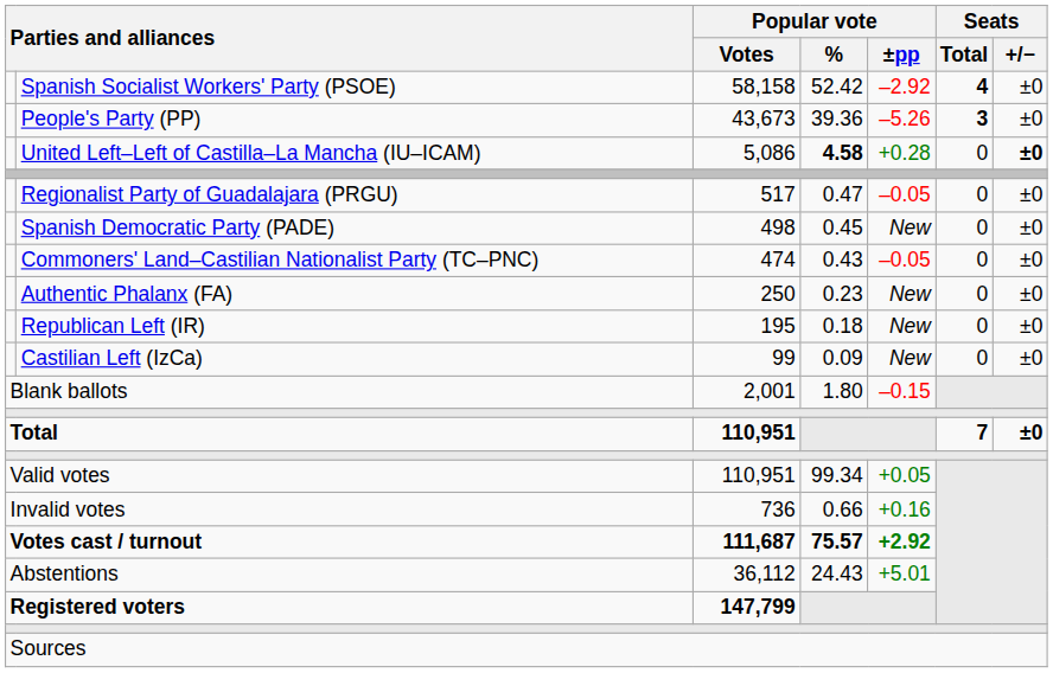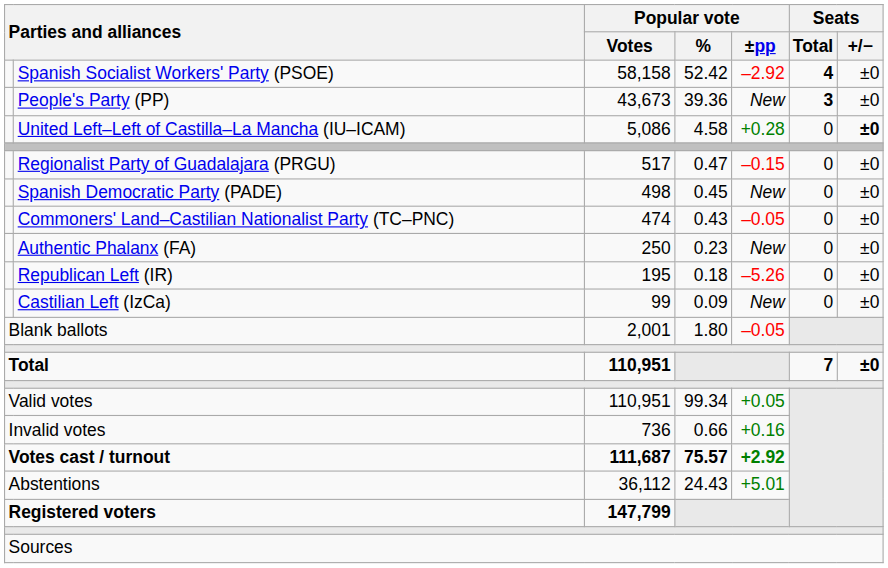 <table class="wikitable" style="text-align:right;">
 <tr>
 <th style="text-align:left;" rowspan="2" colspan="2" width="525">Parties and alliances</th>
 <th colspan="3">Popular vote</th>
 <th colspan="2">Seats</th>
 </tr>
 <tr>
 <th width="75">Votes</th>
 <th width="45">%</th>
 <th width="45">±<a href='#'>pp</a></th>
 <th width="35">Total</th>
 <th width="35">+/−</th>
 </tr>
 <tr>
 <td width="1" style="color:inherit;background:"></td>
 <td align="left"><a href='#'>Spanish Socialist Workers' Party</a> (PSOE)</td>
 <td>58,158</td>
 <td>52.42</td>
 <td style="color:red;">–2.92</td>
 <td><strong>4</strong></td>
 <td>±0</td>
 </tr>
 <tr>
 <td style="color:inherit;background:"></td>
 <td align="left"><a href='#'>People's Party</a> (PP)</td>
 <td>43,673</td>
 <td>39.36</td>
-<td style="color:red;">–5.26</td>
+<td><em>New</em></td>
 <td><strong>3</strong></td>
 <td>±0</td>
 </tr>
 <tr>
 <td style="color:inherit;background:"></td>
 <td align="left"><a href='#'>United Left–Left of Castilla–La Mancha</a> (IU–ICAM)</td>
 <td>5,086</td>
-<td><strong>4.58</strong></td>
+<td>4.58</td>
 <td style="color:green;">+0.28</td>
 <td>0</td>
 <td><strong>±0</strong></td>
 </tr>
 <tr>
 <td colspan="7" bgcolor="#C0C0C0"></td>
 </tr>
 <tr>
 <td style="color:inherit;background:"></td>
 <td align="left"><a href='#'>Regionalist Party of Guadalajara</a> (PRGU)</td>
 <td>517</td>
 <td>0.47</td>
-<td style="color:red;">–0.05</td>
+<td style="color:red;">–0.15</td>
 <td>0</td>
 <td>±0</td>
 </tr>
 <tr>
 <td style="color:inherit;background:"></td>
 <td align="left"><a href='#'>Spanish Democratic Party</a> (PADE)</td>
 <td>498</td>
 <td>0.45</td>
 <td><em>New</em></td>
 <td>0</td>
 <td>±0</td>
 </tr>
 <tr>
 <td style="color:inherit;background:"></td>
 <td align="left"><a href='#'>Commoners' Land–Castilian Nationalist Party</a> (TC–PNC)</td>
 <td>474</td>
 <td>0.43</td>
 <td style="color:red;">–0.05</td>
 <td>0</td>
 <td>±0</td>
 </tr>
 <tr>
 <td style="color:inherit;background:"></td>
 <td align="left"><a href='#'>Authentic Phalanx</a> (FA)</td>
 <td>250</td>
 <td>0.23</td>
 <td><em>New</em></td>
 <td>0</td>
 <td>±0</td>
 </tr>
 <tr>
 <td style="color:inherit;background:"></td>
 <td align="left"><a href='#'>Republican Left</a> (IR)</td>
 <td>195</td>
 <td>0.18</td>
-<td><em>New</em></td>
+<td style="color:red;">–5.26</td>
 <td>0</td>
 <td>±0</td>
 </tr>
 <tr>
 <td style="color:inherit;background:"></td>
 <td align="left"><a href='#'>Castilian Left</a> (IzCa)</td>
 <td>99</td>
 <td>0.09</td>
 <td><em>New</em></td>
 <td>0</td>
 <td>±0</td>
 </tr>
 <tr>
 <td align="left" colspan="2">Blank ballots</td>
 <td>2,001</td>
 <td>1.80</td>
-<td style="color:red;">–0.15</td>
+<td style="color:red;">–0.05</td>
 <td bgcolor="#E9E9E9" colspan="2"></td>
 </tr>
 <tr>
 <td colspan="7" bgcolor="#E9E9E9"></td>
 </tr>
 <tr style="font-weight:bold;">
 <td align="left" colspan="2">Total</td>
 <td>110,951</td>
 <td bgcolor="#E9E9E9" colspan="2"></td>
 <td>7</td>
 <td>±0</td>
 </tr>
 <tr>
 <td colspan="7" bgcolor="#E9E9E9"></td>
 </tr>
 <tr>
 <td align="left" colspan="2">Valid votes</td>
 <td>110,951</td>
 <td>99.34</td>
 <td style="color:green;">+0.05</td>
 <td bgcolor="#E9E9E9" colspan="2" rowspan="5"></td>
 </tr>
 <tr>
 <td align="left" colspan="2">Invalid votes</td>
 <td>736</td>
 <td>0.66</td>
 <td style="color:green;">+0.16</td>
 </tr>
 <tr style="font-weight:bold;">
 <td align="left" colspan="2">Votes cast / turnout</td>
 <td>111,687</td>
 <td>75.57</td>
 <td style="color:green;">+2.92</td>
 </tr>
 <tr>
 <td align="left" colspan="2">Abstentions</td>
 <td>36,112</td>
 <td>24.43</td>
 <td style="color:green;">+5.01</td>
 </tr>
 <tr style="font-weight:bold;">
 <td align="left" colspan="2">Registered voters</td>
 <td>147,799</td>
 <td bgcolor="#E9E9E9" colspan="2"></td>
 </tr>
 <tr>
 <td colspan="7" bgcolor="#E9E9E9"></td>
 </tr>
 <tr>
 <td align="left" colspan="7">Sources</td>
 </tr>
 </table>
